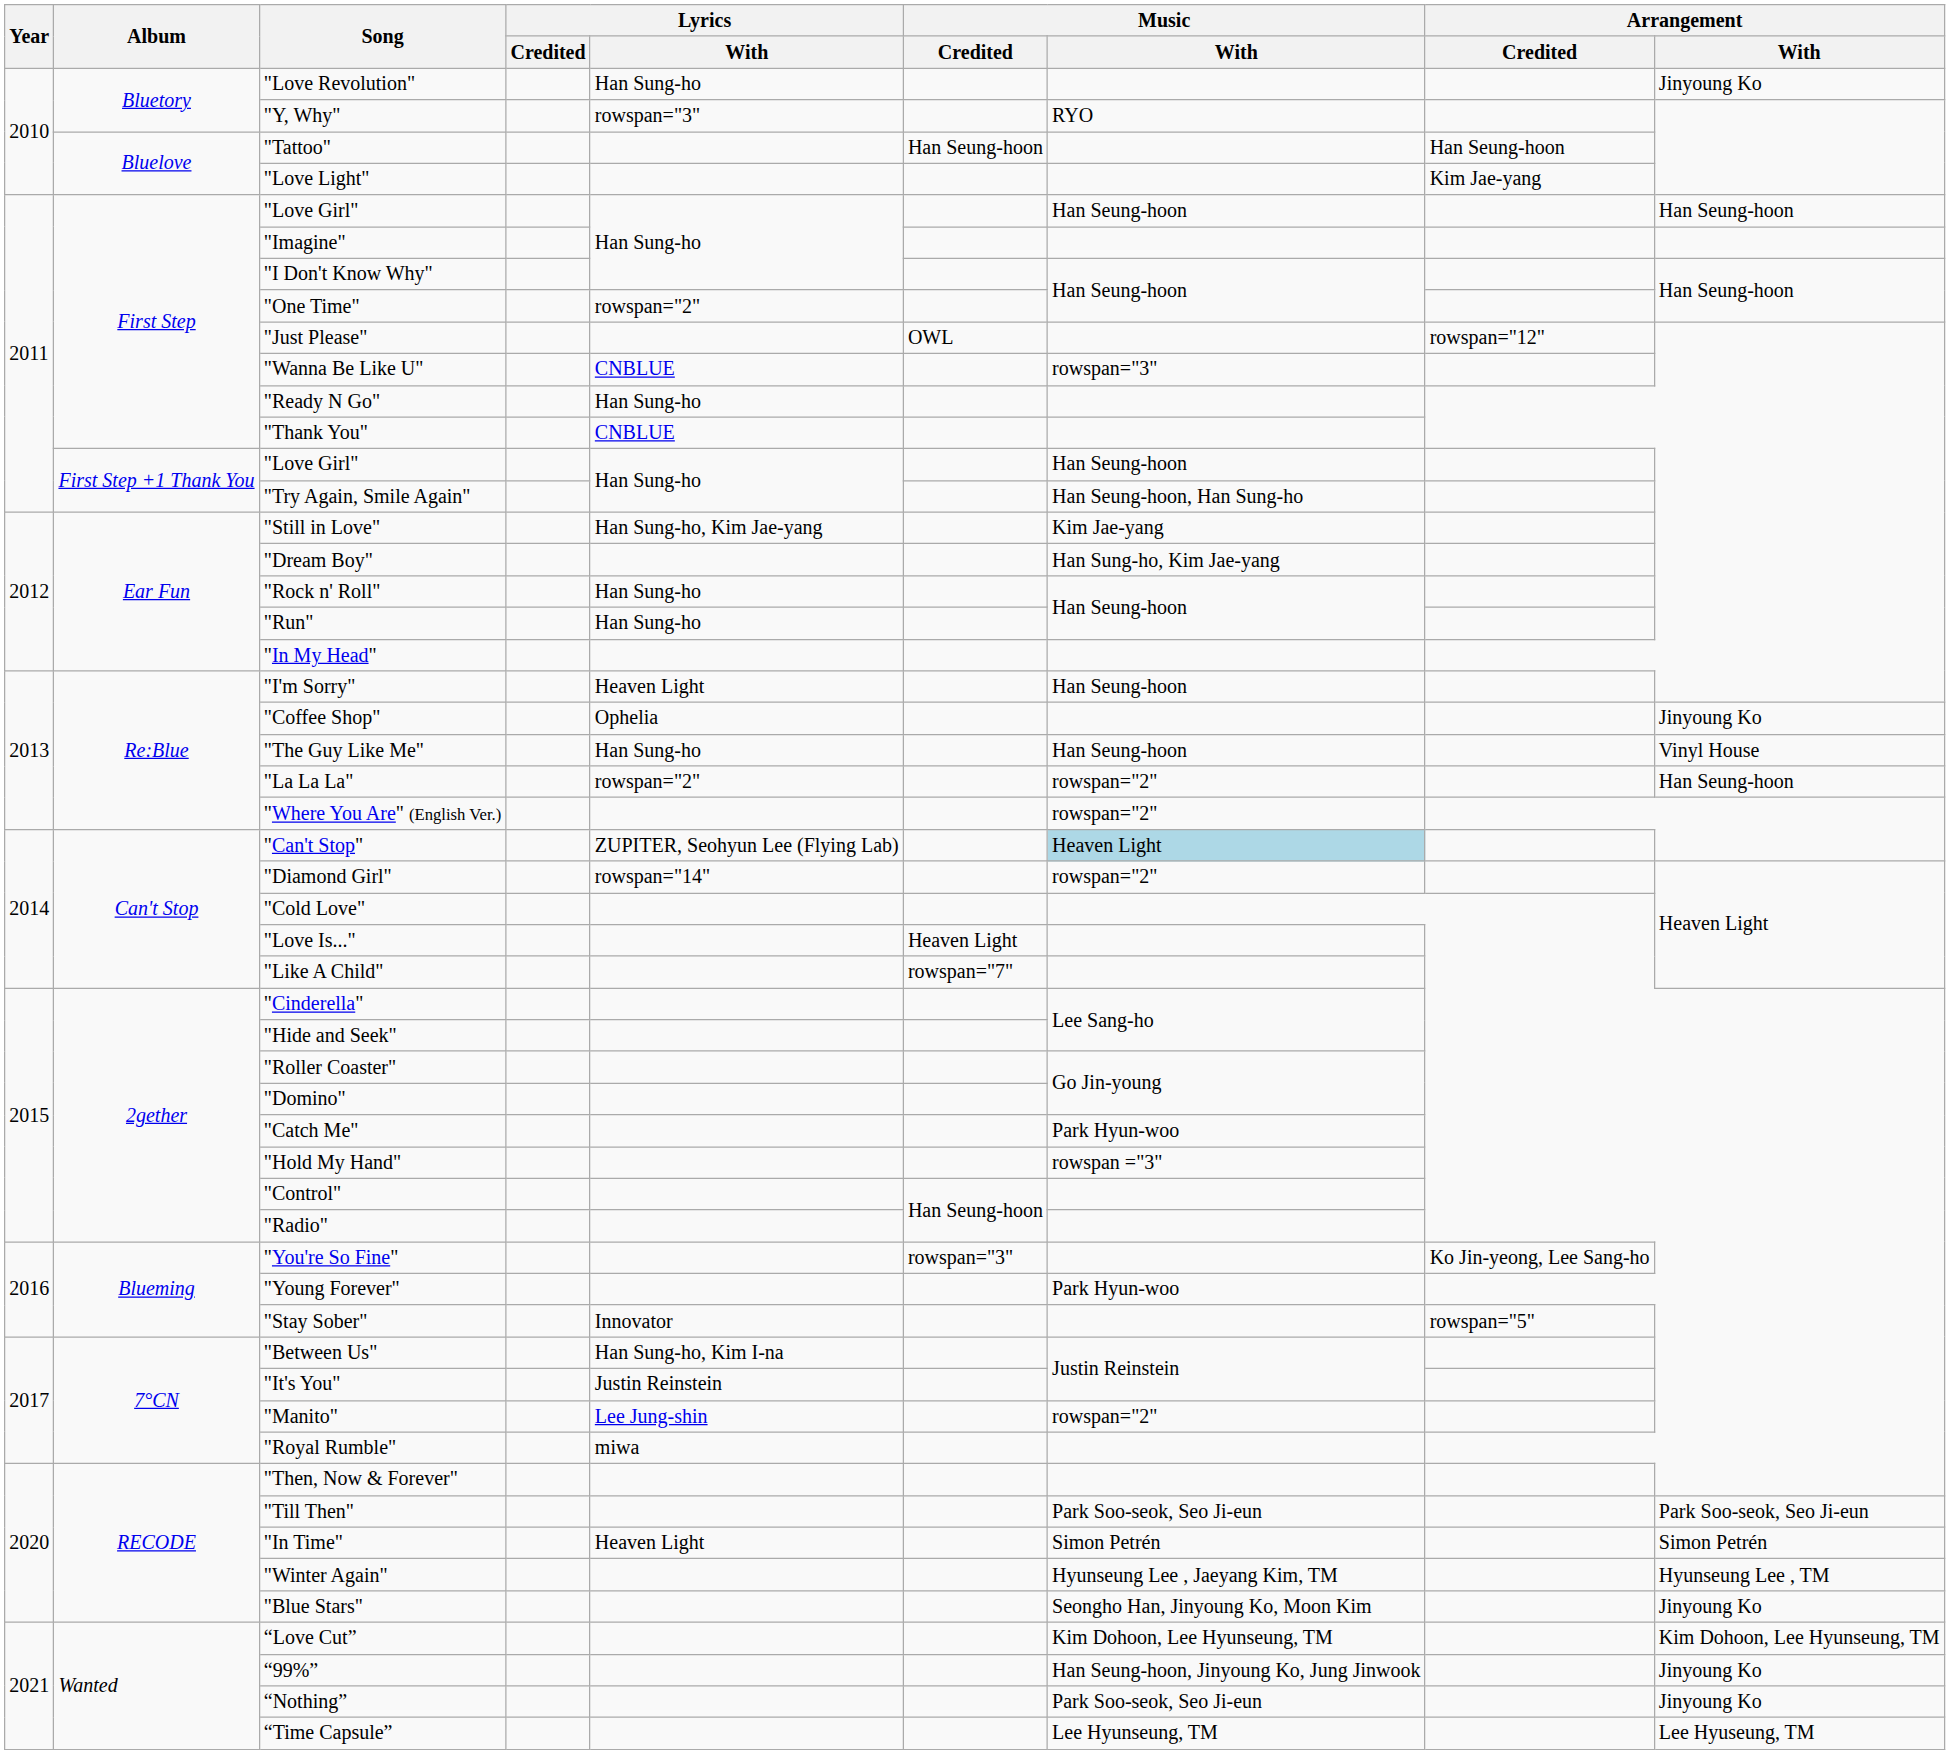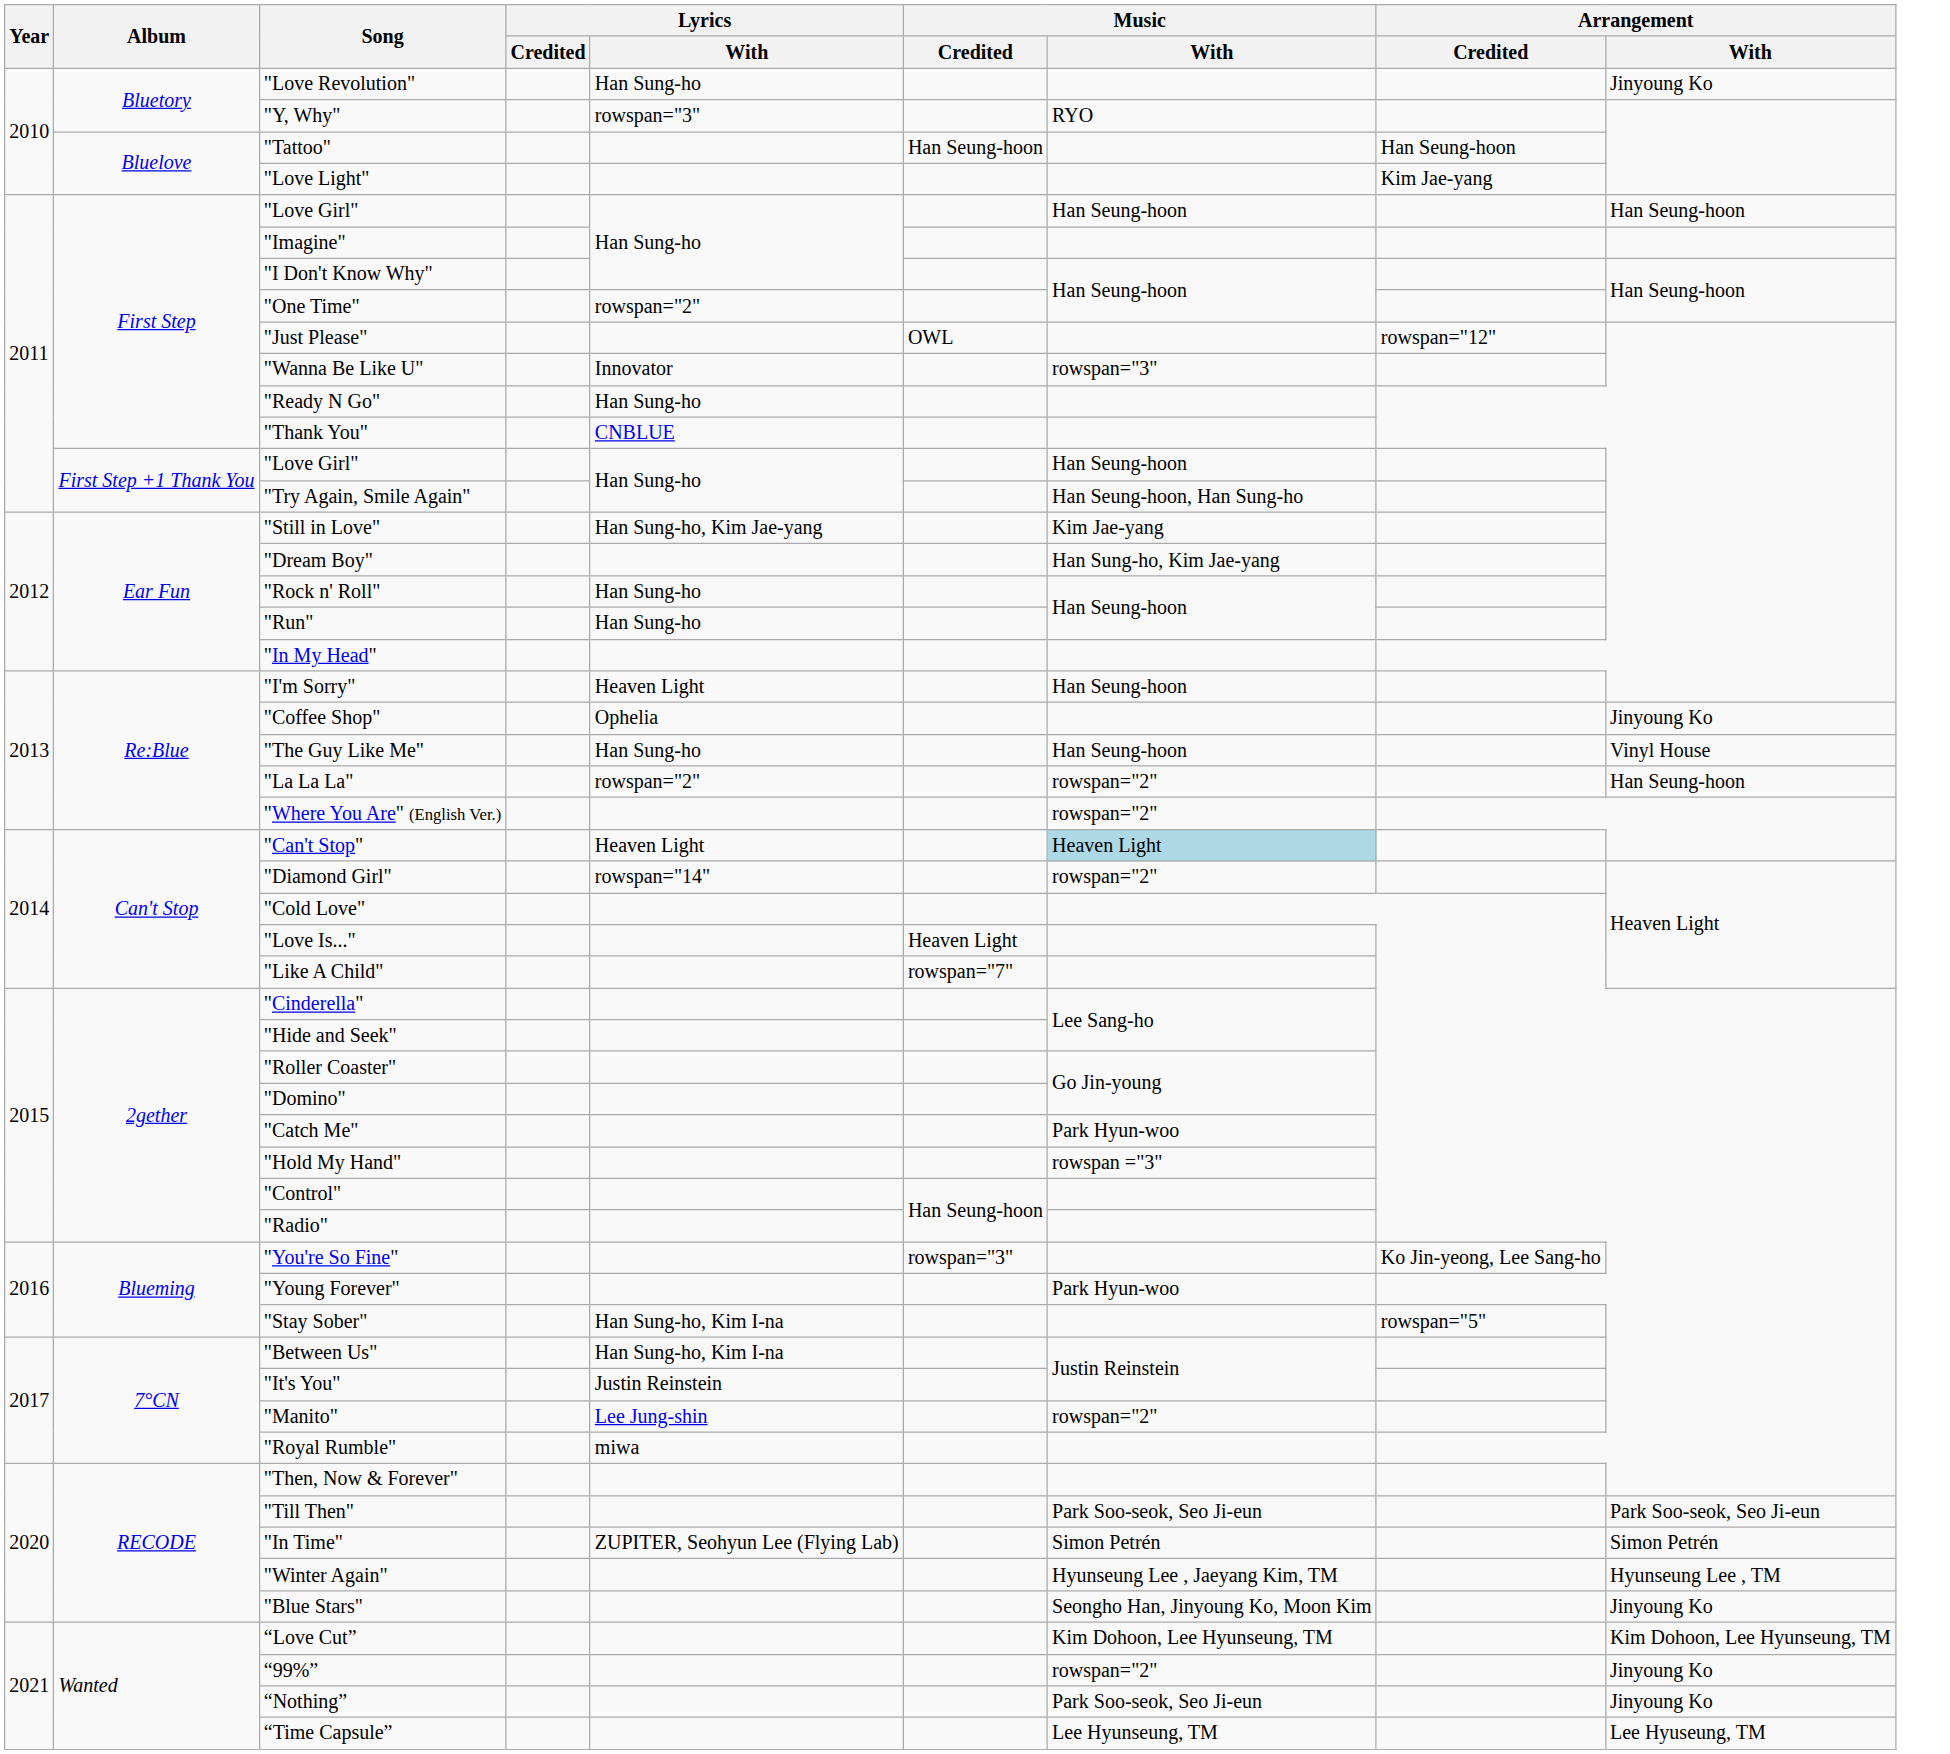 <table class="wikitable">
 <tr>
 <th rowspan="2">Year</th>
 <th rowspan="2">Album</th>
 <th rowspan="2">Song</th>
 <th colspan="2">Lyrics</th>
 <th colspan="2">Music</th>
 <th colspan="2">Arrangement</th>
 </tr>
 <tr>
 <th>Credited</th>
 <th>With</th>
 <th>Credited</th>
 <th>With</th>
 <th>Credited</th>
 <th>With</th>
 </tr>
 <tr>
 <td rowspan="4">2010</td>
 <td rowspan="2" style="text-align:center;"><em><a href='#'>Bluetory</a></em></td>
 <td>"Love Revolution"</td>
 <td></td>
 <td>Han Sung-ho</td>
 <td></td>
 <td></td>
 <td></td>
 <td>Jinyoung Ko</td>
 </tr>
 <tr>
 <td>"Y, Why"</td>
 <td></td>
 <td>rowspan="3" </td>
 <td></td>
 <td>RYO</td>
 <td></td>
 </tr>
 <tr>
 <td rowspan="2" style="text-align:center;"><em><a href='#'>Bluelove</a></em></td>
 <td>"Tattoo"</td>
 <td></td>
 <td></td>
 <td>Han Seung-hoon</td>
 <td></td>
 <td>Han Seung-hoon</td>
 </tr>
 <tr>
 <td>"Love Light"</td>
 <td></td>
 <td></td>
 <td></td>
 <td></td>
 <td>Kim Jae-yang</td>
 </tr>
 <tr>
 <td rowspan="10">2011</td>
 <td rowspan="8" style="text-align:center;"><em><a href='#'>First Step</a></em></td>
 <td>"Love Girl"</td>
 <td></td>
 <td rowspan="3">Han Sung-ho</td>
 <td></td>
 <td>Han Seung-hoon</td>
 <td></td>
 <td>Han Seung-hoon</td>
 </tr>
 <tr>
 <td>"Imagine"</td>
 <td></td>
 <td></td>
 <td></td>
 <td></td>
 <td></td>
 </tr>
 <tr>
 <td>"I Don't Know Why"</td>
 <td></td>
 <td></td>
 <td rowspan="2">Han Seung-hoon</td>
 <td></td>
 <td rowspan="2">Han Seung-hoon</td>
 </tr>
 <tr>
 <td>"One Time"</td>
 <td></td>
 <td>rowspan="2" </td>
 <td></td>
 <td></td>
 </tr>
 <tr>
 <td>"Just Please"</td>
 <td></td>
 <td></td>
 <td>OWL</td>
 <td></td>
 <td>rowspan="12" </td>
 </tr>
 <tr>
 <td>"Wanna Be Like U"</td>
 <td></td>
-<td><a href='#'>CNBLUE</a></td>
+<td>Innovator</td>
 <td></td>
 <td>rowspan="3" </td>
 <td></td>
 </tr>
 <tr>
 <td>"Ready N Go"</td>
 <td></td>
 <td>Han Sung-ho</td>
 <td></td>
 <td></td>
 </tr>
 <tr>
 <td>"Thank You"</td>
 <td></td>
 <td><a href='#'>CNBLUE</a></td>
 <td></td>
 <td></td>
 </tr>
 <tr>
 <td rowspan="2" style="text-align:center;"><a href='#'><em>First Step +1 Thank You</em></a></td>
 <td>"Love Girl"</td>
 <td></td>
 <td rowspan="2">Han Sung-ho</td>
 <td></td>
 <td>Han Seung-hoon</td>
 <td></td>
 </tr>
 <tr>
 <td>"Try Again, Smile Again"</td>
 <td></td>
 <td></td>
 <td>Han Seung-hoon, Han Sung-ho</td>
 <td></td>
 </tr>
 <tr>
 <td rowspan="5">2012</td>
 <td rowspan="5" style="text-align:center;"><em><a href='#'>Ear Fun</a></em></td>
 <td>"Still in Love"</td>
 <td></td>
 <td>Han Sung-ho, Kim Jae-yang</td>
 <td></td>
 <td>Kim Jae-yang</td>
 <td></td>
 </tr>
 <tr>
 <td>"Dream Boy"</td>
 <td></td>
 <td></td>
 <td></td>
 <td>Han Sung-ho, Kim Jae-yang</td>
 <td></td>
 </tr>
 <tr>
 <td>"Rock n' Roll"</td>
 <td></td>
 <td>Han Sung-ho</td>
 <td></td>
 <td rowspan="2">Han Seung-hoon</td>
 <td></td>
 </tr>
 <tr>
 <td>"Run"</td>
 <td></td>
 <td>Han Sung-ho</td>
 <td></td>
 <td></td>
 </tr>
 <tr>
 <td>"<a href='#'>In My Head</a>"</td>
 <td></td>
 <td></td>
 <td></td>
 <td></td>
 </tr>
 <tr>
 <td rowspan="5">2013</td>
 <td rowspan="5" style="text-align:center;"><em><a href='#'>Re:Blue</a></em></td>
 <td>"I'm Sorry"</td>
 <td></td>
 <td>Heaven Light</td>
 <td></td>
 <td>Han Seung-hoon</td>
 <td></td>
 </tr>
 <tr>
 <td>"Coffee Shop"</td>
 <td></td>
 <td>Ophelia</td>
 <td></td>
 <td></td>
 <td></td>
 <td>Jinyoung Ko</td>
 </tr>
 <tr>
 <td>"The Guy Like Me"</td>
 <td></td>
 <td>Han Sung-ho</td>
 <td></td>
 <td>Han Seung-hoon</td>
 <td></td>
 <td>Vinyl House</td>
 </tr>
 <tr>
 <td>"La La La"</td>
 <td></td>
 <td>rowspan="2" </td>
 <td></td>
 <td>rowspan="2" </td>
 <td></td>
 <td>Han Seung-hoon</td>
 </tr>
 <tr>
 <td>"<a href='#'>Where You Are</a>" <small>(English Ver.)</small></td>
 <td></td>
 <td></td>
 <td></td>
 <td>rowspan="2" </td>
 </tr>
 <tr>
 <td rowspan="5">2014</td>
 <td rowspan="5" style="text-align:center;"><em><a href='#'>Can't Stop</a></em></td>
 <td>"<a href='#'>Can't Stop</a>"</td>
 <td></td>
-<td>ZUPITER, Seohyun Lee (Flying Lab)</td>
+<td>Heaven Light</td>
 <td></td>
 <td style="background: lightblue;">Heaven Light</td>
 <td></td>
 </tr>
 <tr>
 <td>"Diamond Girl"</td>
 <td></td>
 <td>rowspan="14" </td>
 <td></td>
 <td>rowspan="2" </td>
 <td></td>
 <td rowspan="4">Heaven Light</td>
 </tr>
 <tr>
 <td>"Cold Love"</td>
 <td></td>
 <td></td>
 <td></td>
 </tr>
 <tr>
 <td>"Love Is..."</td>
 <td></td>
 <td></td>
 <td>Heaven Light</td>
 <td></td>
 </tr>
 <tr>
 <td>"Like A Child"</td>
 <td></td>
 <td></td>
 <td>rowspan="7" </td>
 <td></td>
 </tr>
 <tr>
 <td rowspan="8">2015</td>
 <td rowspan="8" style="text-align:center;"><em><a href='#'>2gether</a></em></td>
 <td>"<a href='#'>Cinderella</a>"</td>
 <td></td>
 <td></td>
 <td></td>
 <td rowspan="2">Lee Sang-ho</td>
 </tr>
 <tr>
 <td>"Hide and Seek"</td>
 <td></td>
 <td></td>
 <td></td>
 </tr>
 <tr>
 <td>"Roller Coaster"</td>
 <td></td>
 <td></td>
 <td></td>
 <td rowspan="2">Go Jin-young</td>
 </tr>
 <tr>
 <td>"Domino"</td>
 <td></td>
 <td></td>
 <td></td>
 </tr>
 <tr>
 <td>"Catch Me"</td>
 <td></td>
 <td></td>
 <td></td>
 <td>Park Hyun-woo</td>
 </tr>
 <tr>
 <td>"Hold My Hand"</td>
 <td></td>
 <td></td>
 <td></td>
 <td>rowspan ="3" </td>
 </tr>
 <tr>
 <td>"Control"</td>
 <td></td>
 <td></td>
 <td rowspan="2">Han Seung-hoon</td>
 <td></td>
 </tr>
 <tr>
 <td>"Radio"</td>
 <td></td>
 <td></td>
 <td></td>
 </tr>
 <tr>
 <td rowspan="3">2016</td>
 <td rowspan="3" style="text-align:center;"><em><a href='#'>Blueming</a></em></td>
 <td>"<a href='#'>You're So Fine</a>"</td>
 <td></td>
 <td></td>
 <td>rowspan="3" </td>
 <td></td>
 <td>Ko Jin-yeong, Lee Sang-ho</td>
 </tr>
 <tr>
 <td>"Young Forever"</td>
 <td></td>
 <td></td>
 <td></td>
 <td>Park Hyun-woo</td>
 </tr>
 <tr>
 <td>"Stay Sober"</td>
 <td></td>
-<td>Innovator</td>
+<td>Han Sung-ho, Kim I-na</td>
 <td></td>
 <td></td>
 <td>rowspan="5" </td>
 </tr>
 <tr>
 <td rowspan="4">2017</td>
 <td rowspan="4" style="text-align:center;"><em><a href='#'>7°CN</a></em></td>
 <td>"Between Us"</td>
 <td></td>
 <td>Han Sung-ho, Kim I-na</td>
 <td></td>
 <td rowspan="2">Justin Reinstein</td>
 <td></td>
 </tr>
 <tr>
 <td>"It's You"</td>
 <td></td>
 <td>Justin Reinstein</td>
 <td></td>
 <td></td>
 </tr>
 <tr>
 <td>"Manito"</td>
 <td></td>
 <td><a href='#'>Lee Jung-shin</a></td>
 <td></td>
 <td>rowspan="2" </td>
 <td></td>
 </tr>
 <tr>
 <td>"Royal Rumble"</td>
 <td></td>
 <td>miwa</td>
 <td></td>
 <td></td>
 </tr>
 <tr>
 <td rowspan="5">2020</td>
 <td rowspan="5" style="text-align:center;"><em><a href='#'>RECODE</a></em></td>
 <td>"Then, Now & Forever"</td>
 <td></td>
 <td></td>
 <td></td>
 <td rowspan="1"></td>
 <td></td>
 </tr>
 <tr>
 <td>"Till Then"</td>
 <td></td>
 <td></td>
 <td></td>
 <td>Park Soo-seok, Seo Ji-eun</td>
 <td></td>
 <td>Park Soo-seok, Seo Ji-eun</td>
 </tr>
 <tr>
 <td>"In Time"</td>
 <td></td>
-<td>Heaven Light</td>
+<td>ZUPITER, Seohyun Lee (Flying Lab)</td>
 <td></td>
 <td>Simon Petrén</td>
 <td></td>
 <td>Simon Petrén</td>
 </tr>
 <tr>
 <td>"Winter Again"</td>
 <td></td>
 <td></td>
 <td></td>
 <td>Hyunseung Lee , Jaeyang Kim, TM</td>
 <td></td>
 <td>Hyunseung Lee , TM</td>
 </tr>
 <tr>
 <td>"Blue Stars"</td>
 <td></td>
 <td></td>
 <td></td>
 <td>Seongho Han, Jinyoung Ko, Moon Kim</td>
 <td></td>
 <td>Jinyoung Ko</td>
 </tr>
 <tr>
 <td rowspan="4">2021</td>
 <td rowspan="4"><em>Wanted</em></td>
 <td>“Love Cut”</td>
 <td></td>
 <td></td>
 <td></td>
 <td>Kim Dohoon, Lee Hyunseung, TM</td>
 <td></td>
 <td>Kim Dohoon, Lee Hyunseung, TM</td>
 </tr>
 <tr>
 <td>“99%”</td>
 <td></td>
 <td></td>
 <td></td>
-<td>Han Seung-hoon, Jinyoung Ko, Jung Jinwook</td>
+<td>rowspan="2" </td>
 <td></td>
 <td>Jinyoung Ko</td>
 </tr>
 <tr>
 <td>“Nothing”</td>
 <td></td>
 <td></td>
 <td></td>
 <td>Park Soo-seok, Seo Ji-eun</td>
 <td></td>
 <td>Jinyoung Ko</td>
 </tr>
 <tr>
 <td>“Time Capsule”</td>
 <td></td>
 <td></td>
 <td></td>
 <td>Lee Hyunseung, TM</td>
 <td></td>
 <td>Lee Hyuseung, TM</td>
 </tr>
 </table>
